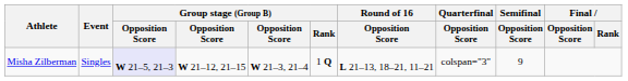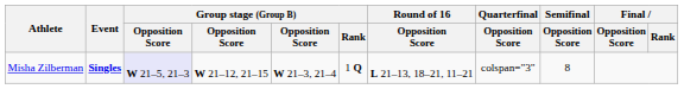 <table class="wikitable" style="font-size:90%">
 <tr>
 <th rowspan=2>Athlete</th>
 <th rowspan=2>Event</th>
 <th colspan=4>Group stage <small>(Group B)</small></th>
 <th>Round of 16</th>
 <th>Quarterfinal</th>
 <th>Semifinal</th>
 <th colspan=2>Final / </th>
 </tr>
 <tr style="font-size:95%">
 <th>Opposition<br>Score</th>
 <th>Opposition<br>Score</th>
 <th>Opposition<br>Score</th>
 <th>Rank</th>
 <th>Opposition<br>Score</th>
 <th>Opposition<br>Score</th>
 <th>Opposition<br>Score</th>
 <th>Opposition<br>Score</th>
 <th>Rank</th>
 </tr>
 <tr align=center>
 <td align=left><a href='#'>Misha Zilberman</a></td>
-<td align=left><a href='#'>Singles</a></td>
+<td align=left><strong><a href='#'>Singles</a></strong></td>
 <td style="background: lavender;"><br><strong>W</strong> 21–5, 21–3</td>
 <td><br><strong>W</strong> 21–12, 21–15</td>
 <td><br><strong>W</strong> 21–3, 21–4</td>
 <td>1 <strong>Q</strong></td>
 <td><br><strong>L</strong> 21–13, 18–21, 11–21</td>
 <td>colspan="3" </td>
-<td>9</td>
+<td>8</td>
 </tr>
 </table>
